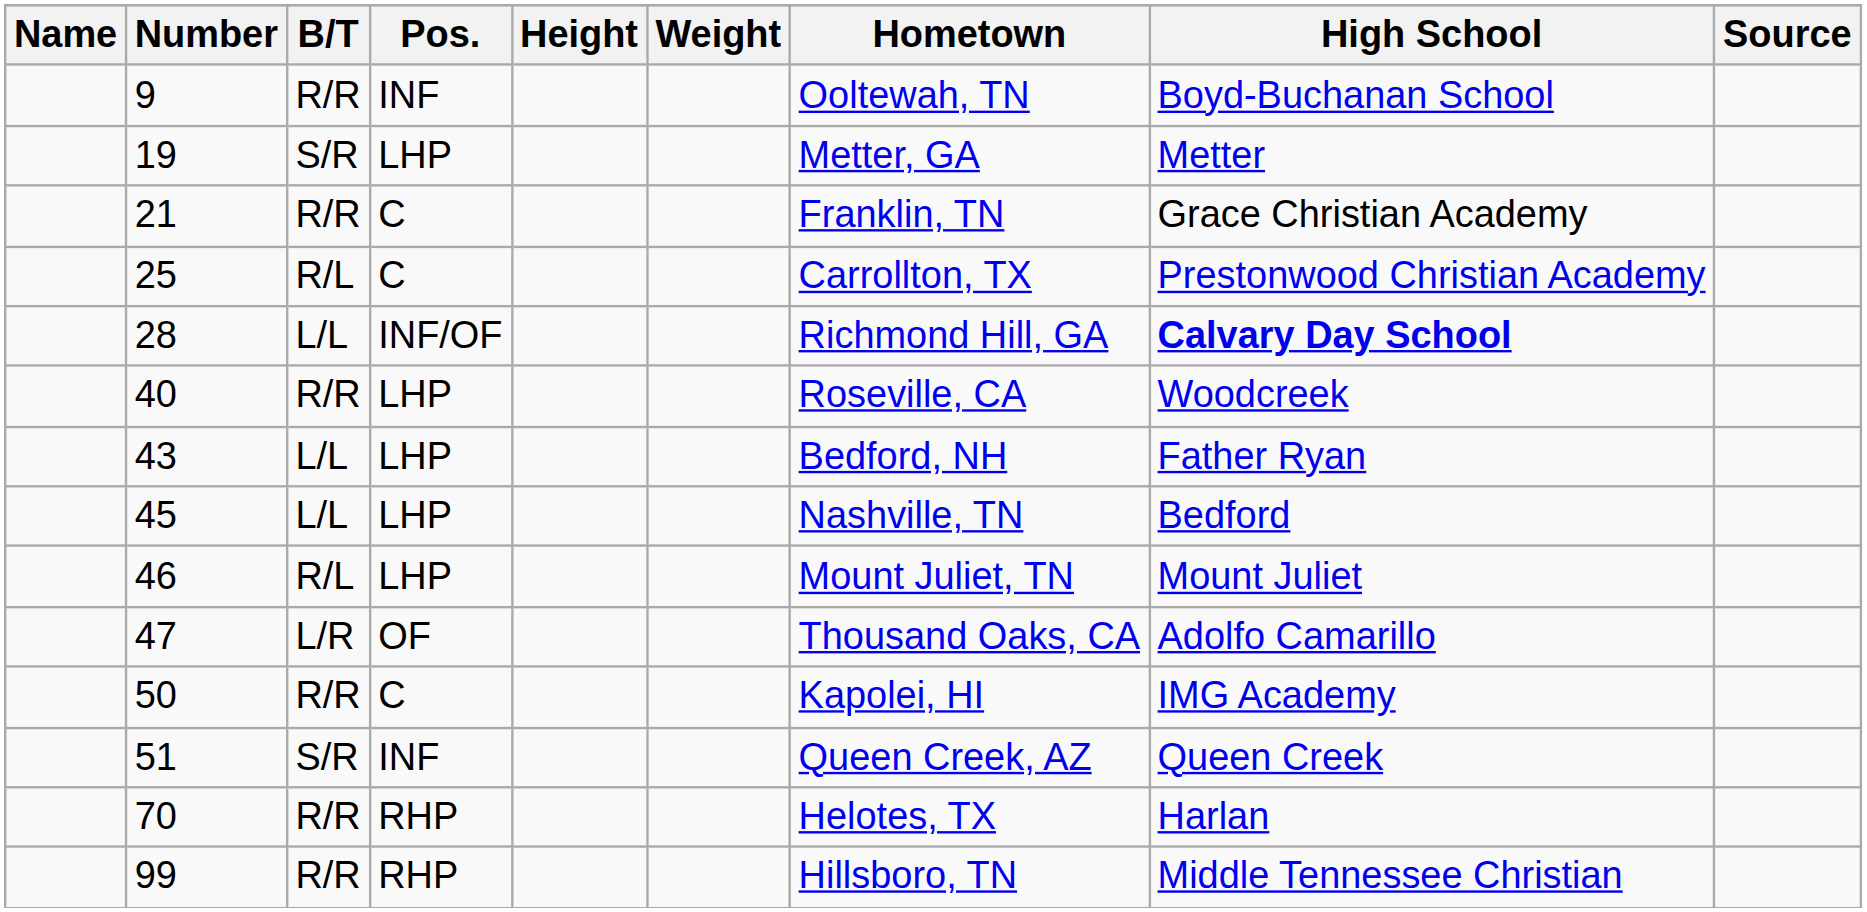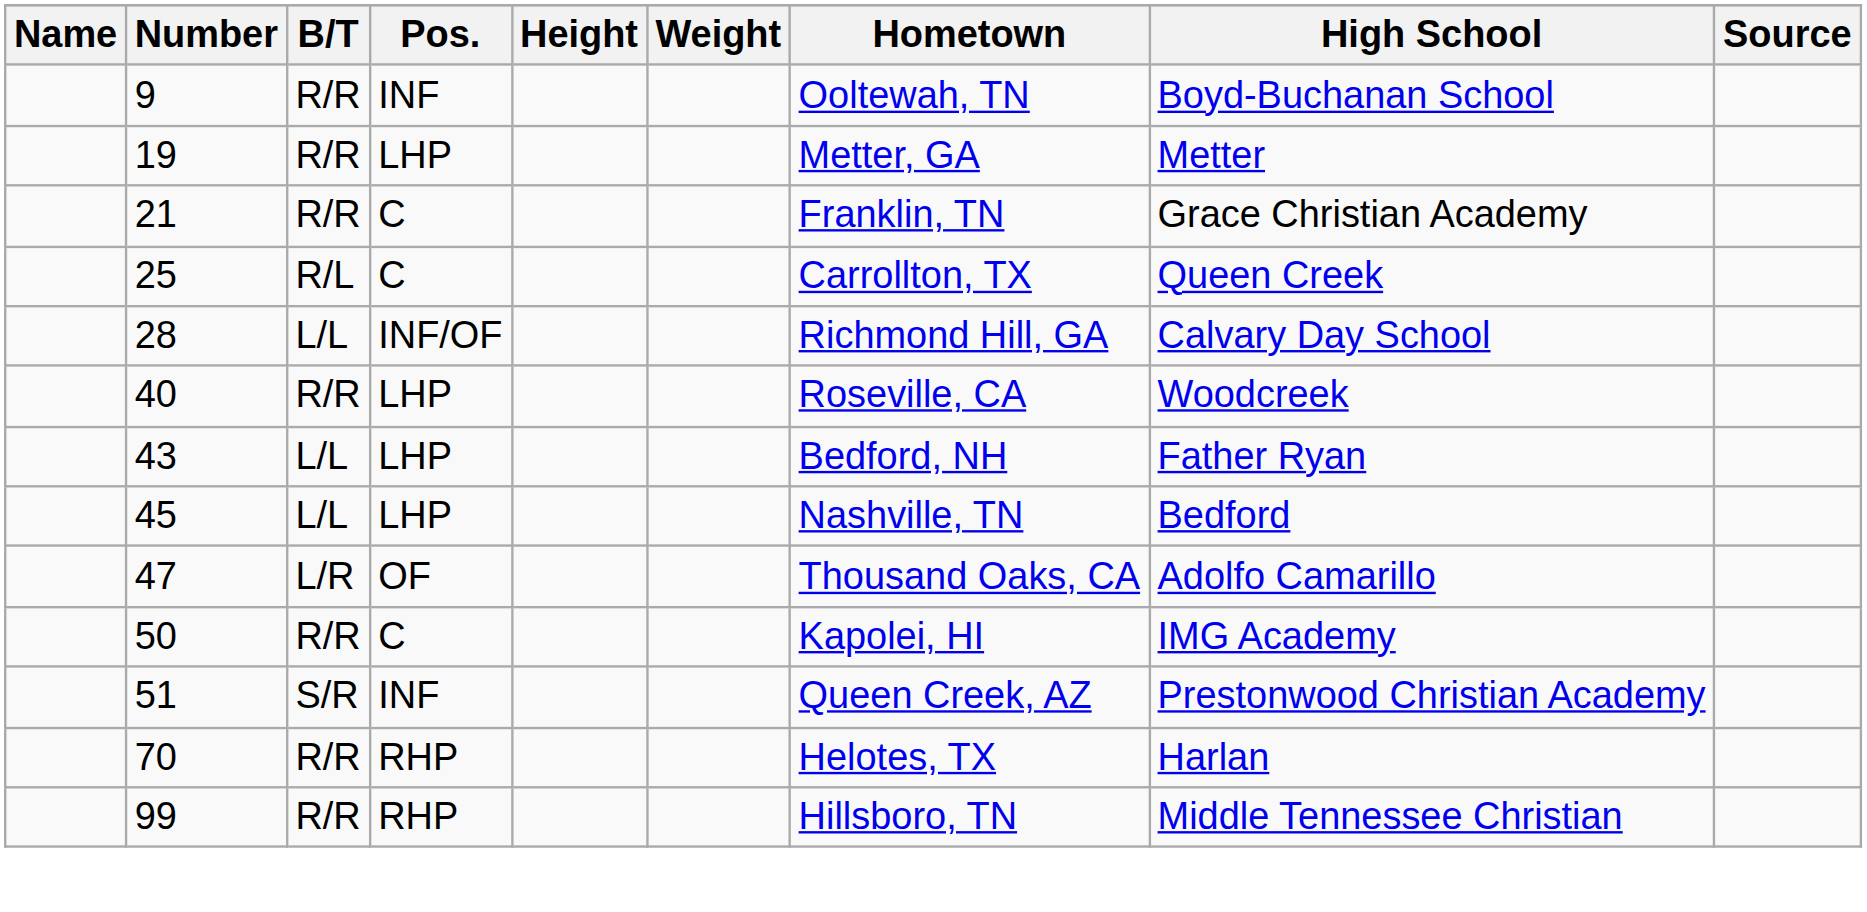 <table class="wikitable sortable collapsible">
 <tr>
 </tr>
 <tr>
 <th style="text-align:center; ">Name</th>
 <th style="text-align:center; ">Number</th>
 <th style="text-align:center; ">B/T</th>
 <th style="text-align:center; ">Pos.</th>
 <th style="text-align:center; ">Height</th>
 <th style="text-align:center; ">Weight</th>
 <th style="text-align:center; ">Hometown</th>
 <th style="text-align:center; ">High School</th>
 <th style="text-align:center; ">Source</th>
 </tr>
 <tr>
 <td></td>
 <td>9</td>
 <td>R/R</td>
 <td>INF</td>
 <td></td>
 <td></td>
 <td><a href='#'>Ooltewah, TN</a></td>
 <td><a href='#'>Boyd-Buchanan School</a></td>
 <td></td>
 </tr>
 <tr>
 <td></td>
 <td>19</td>
-<td>S/R</td>
+<td>R/R</td>
 <td>LHP</td>
 <td></td>
 <td></td>
 <td><a href='#'>Metter, GA</a></td>
 <td><a href='#'>Metter</a></td>
 <td></td>
 </tr>
 <tr>
 <td></td>
 <td>21</td>
 <td>R/R</td>
 <td>C</td>
 <td></td>
 <td></td>
 <td><a href='#'>Franklin, TN</a></td>
 <td>Grace Christian Academy</td>
 <td></td>
 </tr>
 <tr>
 <td></td>
 <td>25</td>
 <td>R/L</td>
 <td>C</td>
 <td></td>
 <td></td>
 <td><a href='#'>Carrollton, TX</a></td>
-<td><a href='#'>Prestonwood Christian Academy</a></td>
+<td><a href='#'>Queen Creek</a></td>
 <td></td>
 </tr>
 <tr>
 <td></td>
 <td>28</td>
 <td>L/L</td>
 <td>INF/OF</td>
 <td></td>
 <td></td>
 <td><a href='#'>Richmond Hill, GA</a></td>
-<td><strong><a href='#'>Calvary Day School</a></strong></td>
+<td><a href='#'>Calvary Day School</a></td>
 <td></td>
 </tr>
 <tr>
 <td></td>
 <td>40</td>
 <td>R/R</td>
 <td>LHP</td>
 <td></td>
 <td></td>
 <td><a href='#'>Roseville, CA</a></td>
 <td><a href='#'>Woodcreek</a></td>
 <td></td>
 </tr>
 <tr>
 <td></td>
 <td>43</td>
 <td>L/L</td>
 <td>LHP</td>
 <td></td>
 <td></td>
 <td><a href='#'>Bedford, NH</a></td>
 <td><a href='#'>Father Ryan</a></td>
 <td></td>
 </tr>
 <tr>
 <td></td>
 <td>45</td>
 <td>L/L</td>
 <td>LHP</td>
 <td></td>
 <td></td>
 <td><a href='#'>Nashville, TN</a></td>
 <td><a href='#'>Bedford</a></td>
 <td></td>
 </tr>
 <tr>
 <td></td>
-<td>46</td>
-<td>R/L</td>
-<td>LHP</td>
-<td></td>
-<td></td>
-<td><a href='#'>Mount Juliet, TN</a></td>
-<td><a href='#'>Mount Juliet</a></td>
-<td></td>
-</tr>
-<tr>
-<td></td>
 <td>47</td>
 <td>L/R</td>
 <td>OF</td>
 <td></td>
 <td></td>
 <td><a href='#'>Thousand Oaks, CA</a></td>
 <td><a href='#'>Adolfo Camarillo</a></td>
 <td></td>
 </tr>
 <tr>
 <td></td>
 <td>50</td>
 <td>R/R</td>
 <td>C</td>
 <td></td>
 <td></td>
 <td><a href='#'>Kapolei, HI</a></td>
 <td><a href='#'>IMG Academy</a></td>
 <td></td>
 </tr>
 <tr>
 <td></td>
 <td>51</td>
 <td>S/R</td>
 <td>INF</td>
 <td></td>
 <td></td>
 <td><a href='#'>Queen Creek, AZ</a></td>
-<td><a href='#'>Queen Creek</a></td>
+<td><a href='#'>Prestonwood Christian Academy</a></td>
 <td></td>
 </tr>
 <tr>
 <td></td>
 <td>70</td>
 <td>R/R</td>
 <td>RHP</td>
 <td></td>
 <td></td>
 <td><a href='#'>Helotes, TX</a></td>
 <td><a href='#'>Harlan</a></td>
 <td></td>
 </tr>
 <tr>
 <td></td>
 <td>99</td>
 <td>R/R</td>
 <td>RHP</td>
 <td></td>
 <td></td>
 <td><a href='#'>Hillsboro, TN</a></td>
 <td><a href='#'>Middle Tennessee Christian</a></td>
 <td></td>
 </tr>
 </table>
